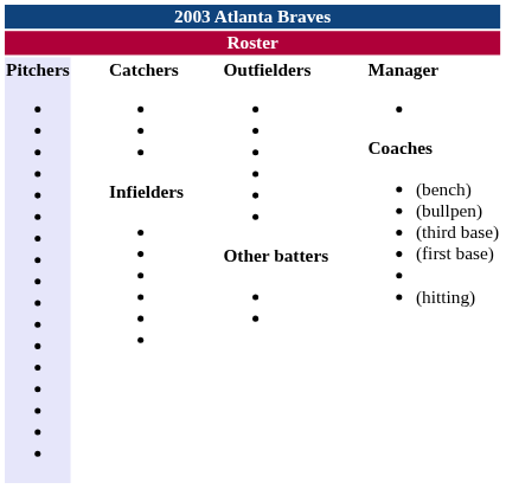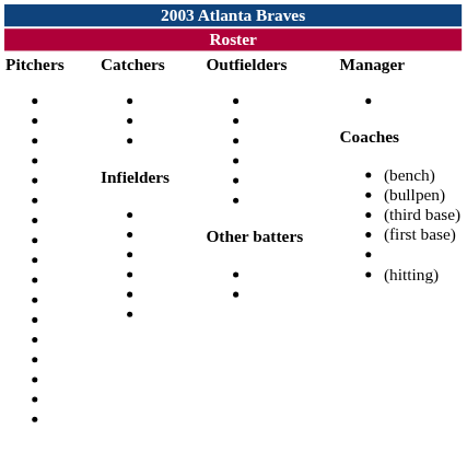 <table class="toccolours" style="font-size: 95%;">
 <tr>
 <th colspan="10" style="background-color: #0f437c; color: #FFFFFF; text-align: center;">2003 Atlanta Braves</th>
 </tr>
 <tr>
 <td colspan="10" style="background-color:#af0039; color: white; text-align: center;"><strong>Roster</strong></td>
 </tr>
 <tr>
-<td valign="top" style="background: lavender;"><strong>Pitchers</strong><br><ul><li></li><li></li><li></li><li></li><li></li><li></li><li></li><li></li><li></li><li></li><li></li><li></li><li></li><li></li><li></li><li></li><li></li></ul></td>
+<td valign="top"><strong>Pitchers</strong><br><ul><li></li><li></li><li></li><li></li><li></li><li></li><li></li><li></li><li></li><li></li><li></li><li></li><li></li><li></li><li></li><li></li><li></li></ul></td>
 <td width="25px"></td>
 <td valign="top"><strong>Catchers</strong><br><ul><li></li><li></li><li></li></ul><strong>Infielders</strong><ul><li></li><li></li><li></li><li></li><li></li><li></li></ul></td>
 <td width="25px"></td>
 <td valign="top"><strong>Outfielders</strong><br><ul><li></li><li></li><li></li><li></li><li></li><li></li></ul><strong>Other batters</strong><ul><li></li><li></li></ul></td>
 <td width="25px"></td>
 <td valign="top"><strong>Manager</strong><br><ul><li></li></ul><strong>Coaches</strong><ul><li> (bench)</li><li> (bullpen)</li><li> (third base)</li><li> (first base)</li><li></li><li> (hitting)</li></ul></td>
 </tr>
 </table>
